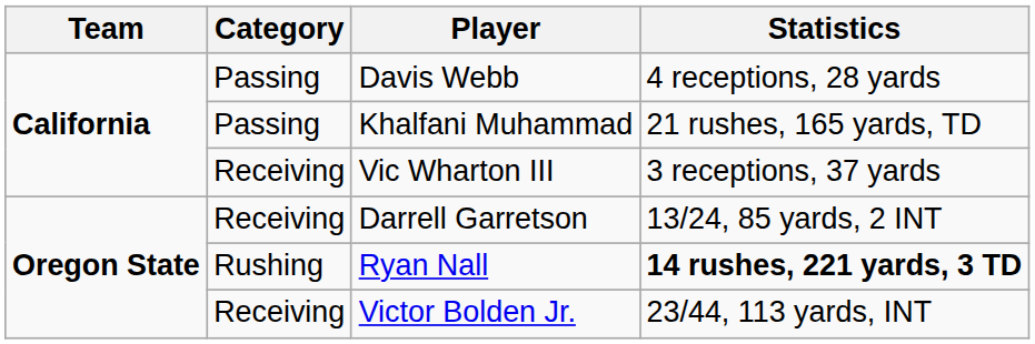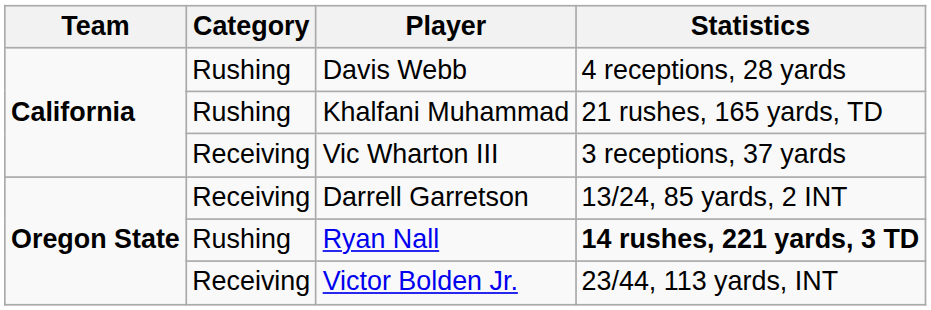 <table class="wikitable" style="float: left;">
 <tr>
 <th>Team</th>
 <th>Category</th>
 <th>Player</th>
 <th>Statistics</th>
 </tr>
 <tr>
 <td rowspan=3><strong>California</strong></td>
-<td>Passing</td>
+<td>Rushing</td>
 <td>Davis Webb</td>
 <td>4 receptions, 28 yards</td>
 </tr>
 <tr>
-<td>Passing</td>
+<td>Rushing</td>
 <td>Khalfani Muhammad</td>
 <td>21 rushes, 165 yards, TD</td>
 </tr>
 <tr>
 <td>Receiving</td>
 <td>Vic Wharton III</td>
 <td>3 receptions, 37 yards</td>
 </tr>
 <tr>
 <td rowspan=3><strong>Oregon State</strong></td>
 <td>Receiving</td>
 <td>Darrell Garretson</td>
 <td>13/24, 85 yards, 2 INT</td>
 </tr>
 <tr>
 <td>Rushing</td>
 <td><a href='#'>Ryan Nall</a></td>
 <td><strong>14 rushes, 221 yards, 3 TD</strong></td>
 </tr>
 <tr>
 <td>Receiving</td>
 <td><a href='#'>Victor Bolden Jr.</a></td>
 <td>23/44, 113 yards, INT</td>
 </tr>
 </table>
